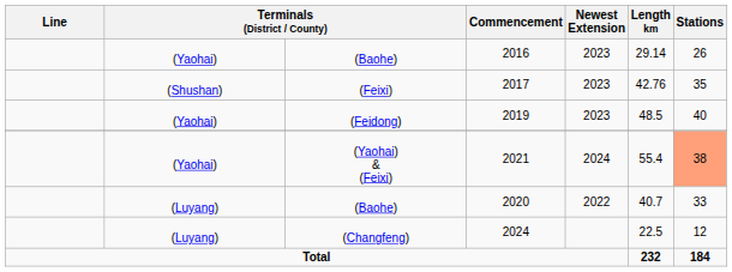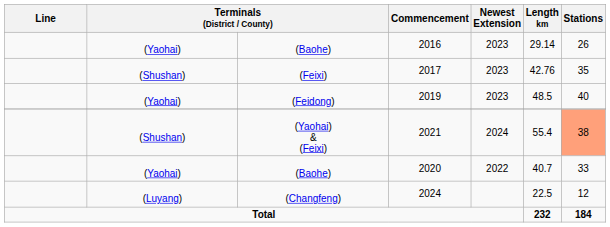 <table class="wikitable" style="cell-padding:1.5; font-size:96%; text-align:center;">
 <tr>
 <th data-sort-type="text"style="width:120px;">Line</th>
 <th class="unsortable" colspan="2" style="width:450px; line-height:1.05">Terminals<br><small>(District / County)</small></th>
 <th>Commencement</th>
 <th>Newest<br>Extension</th>
 <th style="line-height:1.05">Length<br><small>km</small></th>
 <th style="line-height:1.05">Stations</th>
 </tr>
 <tr>
 <td style="text-align:center; line-height:1.05"></td>
 <td style="text-align:center; width:225px; line-height:1.05"><strong></strong><br>(<a href='#'>Yaohai</a>)</td>
 <td style="text-align:center; width:225px; line-height:1.05"><strong></strong><br>(<a href='#'>Baohe</a>)</td>
 <td style="text-align:center; line-height:1.05">2016</td>
 <td style="text-align:center; line-height:1.05">2023</td>
 <td style="text-align:center; line-height:1.05">29.14</td>
 <td style="text-align:center; line-height:1.05">26</td>
 </tr>
 <tr>
 <td style="text-align:center; line-height:1.05"></td>
 <td style="text-align:center; width:225px; line-height:1.05"><strong></strong><br>(<a href='#'>Shushan</a>)</td>
 <td style="text-align:center; width:225px; line-height:1.05"><strong></strong><br>(<a href='#'>Feixi</a>)</td>
 <td style="text-align:center; line-height:1.05">2017</td>
 <td style="text-align:center; line-height:1.05">2023</td>
 <td style="text-align:center; line-height:1.05">42.76</td>
 <td style="text-align:center; line-height:1.05">35</td>
 </tr>
 <tr>
 <td style="text-align:center; line-height:1.05"></td>
 <td style="text-align:center; width:225px; line-height:1.05"><strong></strong><br>(<a href='#'>Yaohai</a>)</td>
 <td style="text-align:center; width:225px; line-height:1.05"><strong></strong><br>(<a href='#'>Feidong</a>)</td>
 <td style="text-align:center; line-height:1.05">2019</td>
 <td style="text-align:center; line-height:1.05">2023</td>
 <td style="text-align:center; line-height:1.05">48.5</td>
 <td style="text-align:center; line-height:1.05">40</td>
 </tr>
 <tr>
 </tr>
 <tr>
 <td style="text-align:center; line-height:1.05"></td>
-<td style="text-align:center; width:225px; line-height:1.05"><strong></strong><br>(<a href='#'>Yaohai</a>)</td>
+<td style="text-align:center; width:225px; line-height:1.05"><strong></strong><br>(<a href='#'>Shushan</a>)</td>
 <td style="text-align:center; width:225px; line-height:1.05"><strong></strong><br>(<a href='#'>Yaohai</a>)<br>& <strong></strong><br>(<a href='#'>Feixi</a>)</td>
 <td style="text-align:center; line-height:1.05">2021</td>
 <td style="text-align:center; line-height:1.05">2024</td>
 <td style="text-align:center; line-height:1.05">55.4</td>
 <td style="background: lightsalmon; text-align:center; line-height:1.05">38</td>
 </tr>
 <tr>
 <td style="text-align:center; line-height:1.05"></td>
-<td style="text-align:center; line-height:1.05"><strong></strong><br>(<a href='#'>Luyang</a>)</td>
+<td style="text-align:center; width:225px; line-height:1.05"><strong></strong><br>(<a href='#'>Yaohai</a>)</td>
 <td style="text-align:center; line-height:1.05"><strong></strong><br>(<a href='#'>Baohe</a>)</td>
 <td style="text-align:center; line-height:1.05">2020</td>
 <td style="text-align:center; line-height:1.05">2022</td>
 <td style="text-align:center; line-height:1.05">40.7</td>
 <td style="text-align:center; line-height:1.05">33</td>
 </tr>
 <tr>
 <td style="text-align:center; line-height:1.05"></td>
 <td style="text-align:center; line-height:1.05"><strong></strong><br>(<a href='#'>Luyang</a>)</td>
 <td style="text-align:center; line-height:1.05"><strong></strong><br>(<a href='#'>Changfeng</a>)</td>
 <td style="text-align:center; line-height:1.05">2024</td>
 <td style="text-align:center; line-height:1.05"></td>
 <td style="text-align:center; line-height:1.05">22.5</td>
 <td style="text-align:center; line-height:1.05">12</td>
 </tr>
 <tr class="sortbottom">
 <td colspan="5" style="text-align:center; line-height:1.05"><strong>Total</strong></td>
 <td style="text-align:center; line-height:1.05"><strong>232</strong></td>
 <td style="text-align:center; line-height:1.05"><strong>184</strong></td>
 </tr>
 </table>
